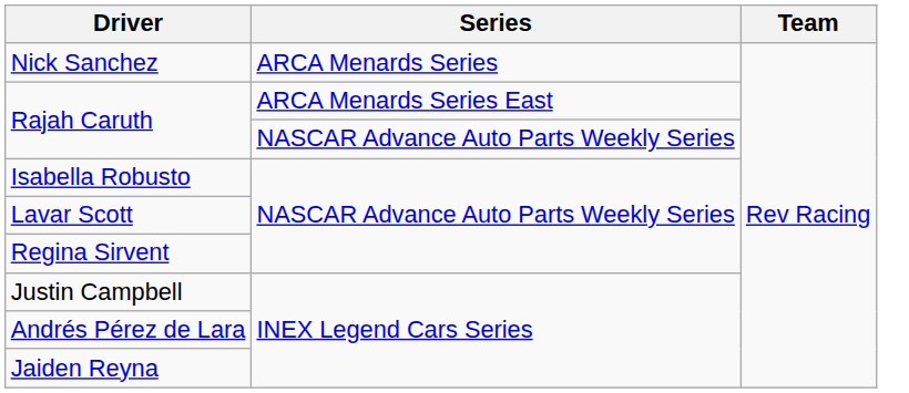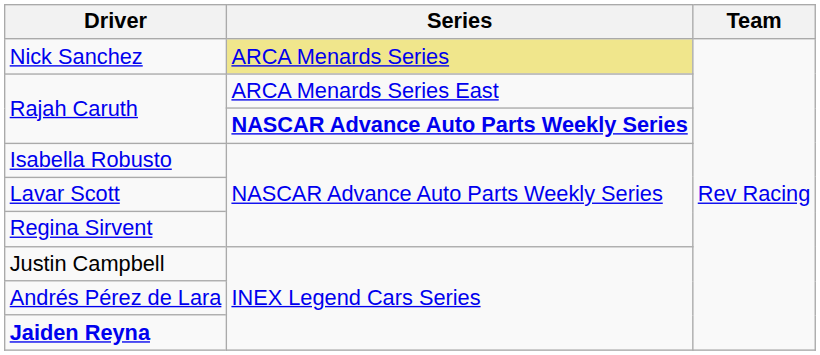 <table class="wikitable">
 <tr>
 <th>Driver</th>
 <th>Series</th>
 <th>Team</th>
 </tr>
 <tr>
 <td><a href='#'>Nick Sanchez</a></td>
-<td><a href='#'>ARCA Menards Series</a></td>
+<td style="background: khaki;"><a href='#'>ARCA Menards Series</a></td>
 <td rowspan="9"><a href='#'>Rev Racing</a></td>
 </tr>
 <tr>
 <td rowspan="2"><a href='#'>Rajah Caruth</a></td>
 <td><a href='#'>ARCA Menards Series East</a></td>
 </tr>
 <tr>
-<td><a href='#'>NASCAR Advance Auto Parts Weekly Series</a></td>
+<td><strong><a href='#'>NASCAR Advance Auto Parts Weekly Series</a></strong></td>
 </tr>
 <tr>
 <td><a href='#'>Isabella Robusto</a></td>
 <td rowspan="3"><a href='#'>NASCAR Advance Auto Parts Weekly Series</a></td>
 </tr>
 <tr>
 <td><a href='#'>Lavar Scott</a></td>
 </tr>
 <tr>
 <td><a href='#'>Regina Sirvent</a></td>
 </tr>
 <tr>
 <td>Justin Campbell</td>
 <td rowspan="3"><a href='#'>INEX Legend Cars Series</a></td>
 </tr>
 <tr>
 <td><a href='#'>Andrés Pérez de Lara</a></td>
 </tr>
 <tr>
-<td><a href='#'>Jaiden Reyna</a></td>
+<td><strong><a href='#'>Jaiden Reyna</a></strong></td>
 </tr>
 </table>
